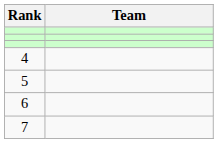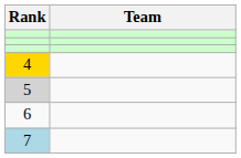 <table class=wikitable style="text-align:center;">
 <tr>
 <th>Rank</th>
 <th width=180>Team</th>
 </tr>
 <tr bgcolor=#CCFFCC>
 <td></td>
 <td align=left></td>
 </tr>
 <tr bgcolor=#CCFFCC>
 <td></td>
 <td align=left></td>
 </tr>
 <tr bgcolor=#CCFFCC>
 <td></td>
 <td align=left></td>
 </tr>
 <tr>
-<td>4</td>
+<td style="background: gold;">4</td>
 <td align=left></td>
 </tr>
 <tr>
-<td>5</td>
+<td style="background: lightgrey;">5</td>
 <td align=left></td>
 </tr>
 <tr>
 <td>6</td>
 <td align=left></td>
 </tr>
 <tr>
-<td>7</td>
+<td style="background: lightblue;">7</td>
 <td align=left></td>
 </tr>
 </table>
